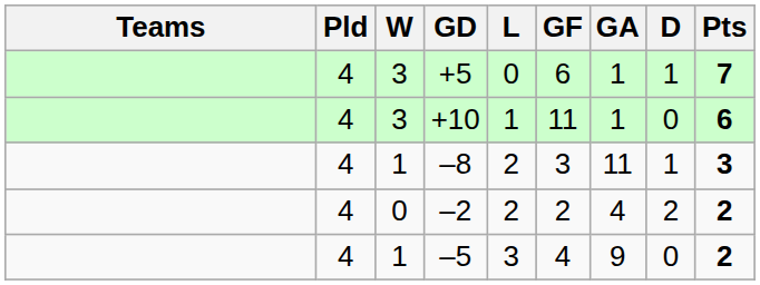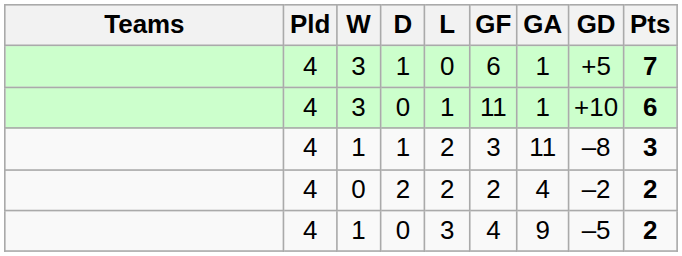 <table class="wikitable" style="text-align: center;">
 <tr>
 <th width=165>Teams</th>
 <th width=20>Pld</th>
 <th width=20>W</th>
-<th width=20>GD</th>
+<th width=20>D</th>
 <th width=20>L</th>
 <th width=20>GF</th>
 <th width=20>GA</th>
-<th width=20>D</th>
+<th width=20>GD</th>
 <th width=20>Pts</th>
 </tr>
 <tr align=center style="background:#ccffcc;">
 <td style="text-align:left;"></td>
 <td>4</td>
 <td>3</td>
-<td>+5</td>
+<td>1</td>
 <td>0</td>
 <td>6</td>
 <td>1</td>
-<td>1</td>
+<td>+5</td>
 <td><strong>7</strong></td>
 </tr>
 <tr align=center style="background:#ccffcc;">
 <td style="text-align:left;"></td>
 <td>4</td>
 <td>3</td>
-<td>+10</td>
+<td>0</td>
 <td>1</td>
 <td>11</td>
 <td>1</td>
-<td>0</td>
+<td>+10</td>
 <td><strong>6</strong></td>
 </tr>
 <tr align=center>
 <td style="text-align:left;"></td>
 <td>4</td>
 <td>1</td>
-<td>–8</td>
+<td>1</td>
 <td>2</td>
 <td>3</td>
 <td>11</td>
-<td>1</td>
+<td>–8</td>
 <td><strong>3</strong></td>
 </tr>
 <tr align=center>
 <td style="text-align:left;"></td>
 <td>4</td>
 <td>0</td>
-<td>–2</td>
+<td>2</td>
 <td>2</td>
 <td>2</td>
 <td>4</td>
-<td>2</td>
+<td>–2</td>
 <td><strong>2</strong></td>
 </tr>
 <tr align=center>
 <td style="text-align:left;"></td>
 <td>4</td>
 <td>1</td>
-<td>–5</td>
+<td>0</td>
 <td>3</td>
 <td>4</td>
 <td>9</td>
-<td>0</td>
+<td>–5</td>
 <td><strong>2</strong></td>
 </tr>
 </table>
